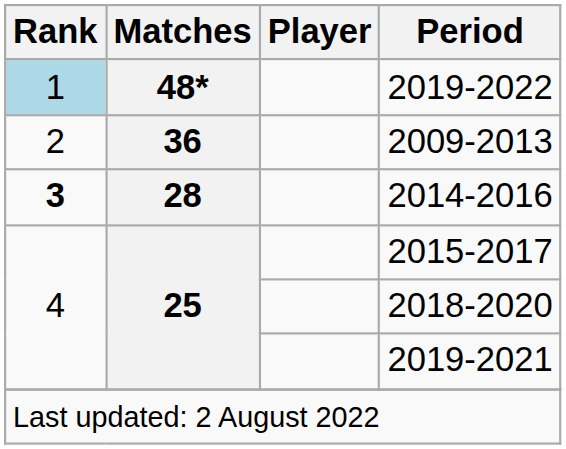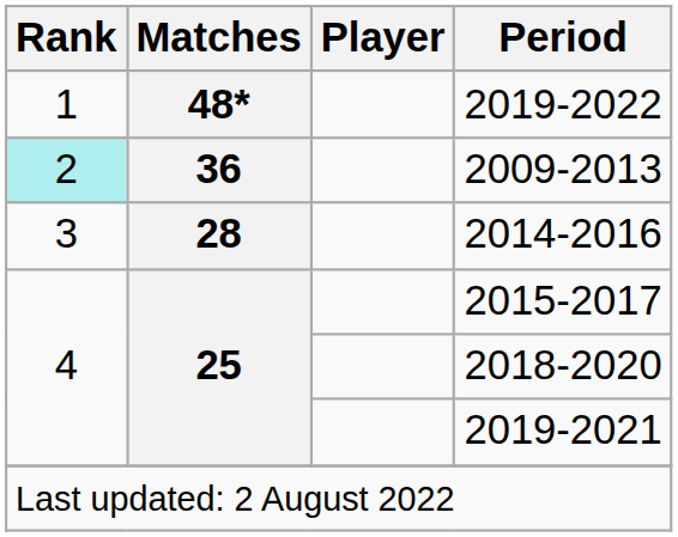 <table class="wikitable plainrowheaders sortable">
 <tr>
 <th scope=col>Rank</th>
 <th scope=col>Matches</th>
 <th scope=col>Player</th>
 <th scope=col>Period</th>
 </tr>
 <tr>
-<td align=center style="background: lightblue;">1</td>
+<td align=center>1</td>
 <th scope=row style=text-align:center;>48*</th>
 <td></td>
 <td>2019-2022</td>
 </tr>
 <tr>
-<td align=center>2</td>
+<td align=center style="background: paleturquoise;">2</td>
 <th scope=row style=text-align:center;>36</th>
 <td></td>
 <td>2009-2013</td>
 </tr>
 <tr>
-<td align=center><strong>3</strong></td>
+<td align=center>3</td>
 <th scope=row style=text-align:center;>28</th>
 <td></td>
 <td>2014-2016</td>
 </tr>
 <tr>
 <td align=center rowspan=3>4</td>
 <th scope=row style=text-align:center; rowspan=3>25</th>
 <td></td>
 <td>2015-2017</td>
 </tr>
 <tr>
 <td></td>
 <td>2018-2020</td>
 </tr>
 <tr>
 <td></td>
 <td>2019-2021</td>
 </tr>
 <tr>
 </tr>
 <tr class=sortbottom>
 <td colspan=4><small>Last updated: 2 August 2022</small></td>
 </tr>
 </table>
